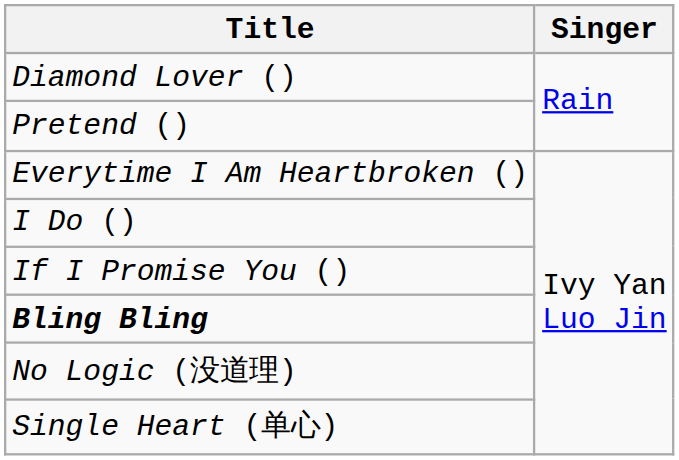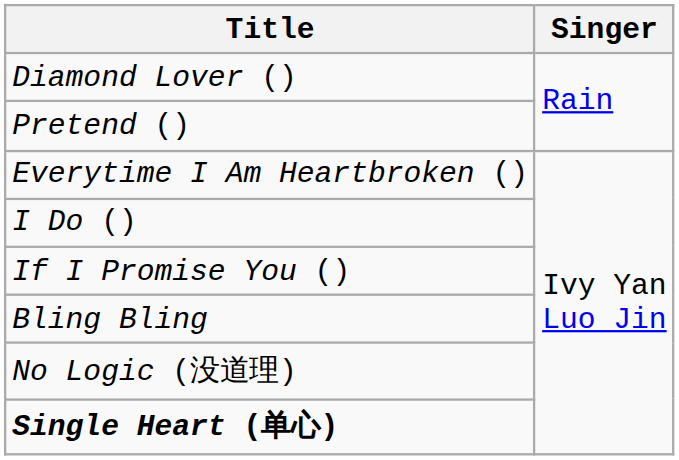 <table class="wikitable">
 <tr>
 <th>Title</th>
 <th>Singer</th>
 </tr>
 <tr>
 <td><em>Diamond Lover</em> ()</td>
 <td rowspan=2><a href='#'>Rain</a></td>
 </tr>
 <tr>
 <td><em>Pretend</em> ()</td>
 </tr>
 <tr>
 <td><em>Everytime I Am Heartbroken</em> ()</td>
 <td rowspan=6>Ivy Yan<br><a href='#'>Luo Jin</a></td>
 </tr>
 <tr>
 <td><em>I Do</em> ()</td>
 </tr>
 <tr>
 <td><em>If I Promise You</em> ()</td>
 </tr>
 <tr>
-<td><strong><em>Bling Bling</em></strong></td>
+<td><em>Bling Bling</em></td>
 </tr>
 <tr>
 <td><em>No Logic</em> (没道理)</td>
 </tr>
 <tr>
-<td><em>Single Heart</em> (单心)</td>
+<td><strong><em>Single Heart</em> (单心)</strong></td>
 </tr>
 </table>
